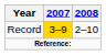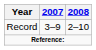 <table class="wikitable" style="text-align: center">
 <tr align=center>
 <th>Year</th>
 <th><a href='#'>2007</a></th>
 <th><a href='#'>2008</a></th>
 </tr>
 <tr align=center>
 <td>Record</td>
-<td style="background: gold;">3–9</td>
+<td>3–9</td>
 <td>2–10</td>
 </tr>
 <tr align=center>
 <td colspan="3"  style="font-size:8pt; text-align:center;"><strong>Reference:</strong></td>
 </tr>
 </table>
